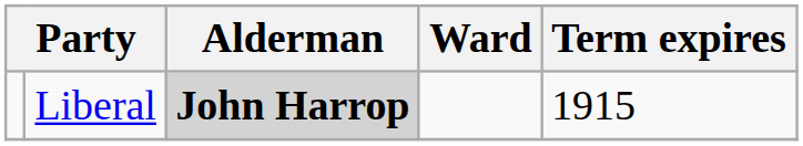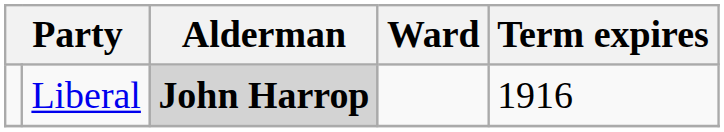 <table class="wikitable">
 <tr>
 <th colspan="2">Party</th>
 <th>Alderman</th>
 <th>Ward</th>
 <th>Term expires</th>
 </tr>
 <tr>
 <td style="background-color:"></td>
 <td><a href='#'>Liberal</a></td>
 <td style="background: lightgrey;"><strong>John Harrop</strong></td>
 <td><strong> </strong></td>
-<td>1915</td>
+<td>1916</td>
 </tr>
 <tr>
 </tr>
 </table>
